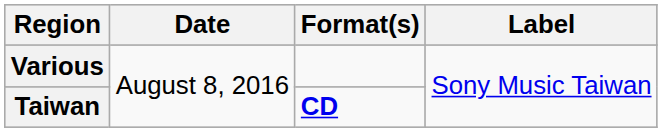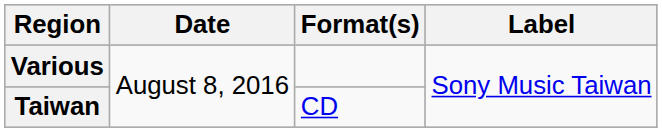 <table class="wikitable plainrowheaders">
 <tr>
 <th>Region</th>
 <th>Date</th>
 <th>Format(s)</th>
 <th>Label</th>
 </tr>
 <tr>
 <th scope="row">Various</th>
 <td rowspan="2">August 8, 2016</td>
 <td></td>
 <td rowspan="2"><a href='#'>Sony Music Taiwan</a></td>
 </tr>
 <tr>
 <th scope="row">Taiwan</th>
-<td><strong><a href='#'>CD</a></strong></td>
+<td><a href='#'>CD</a></td>
 </tr>
 </table>
